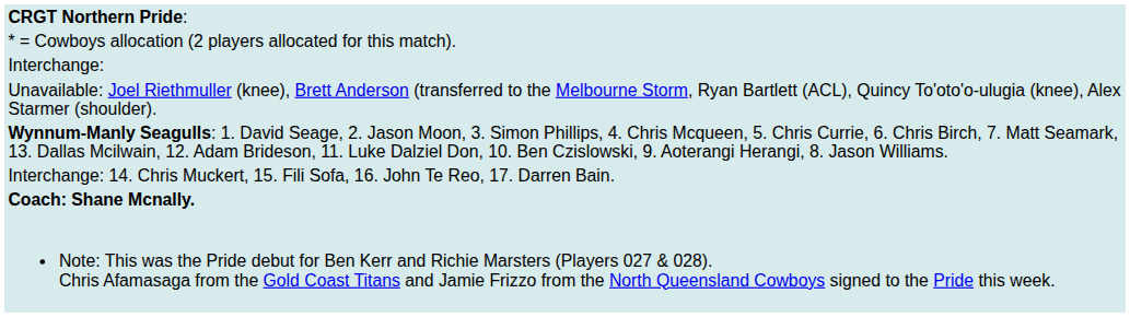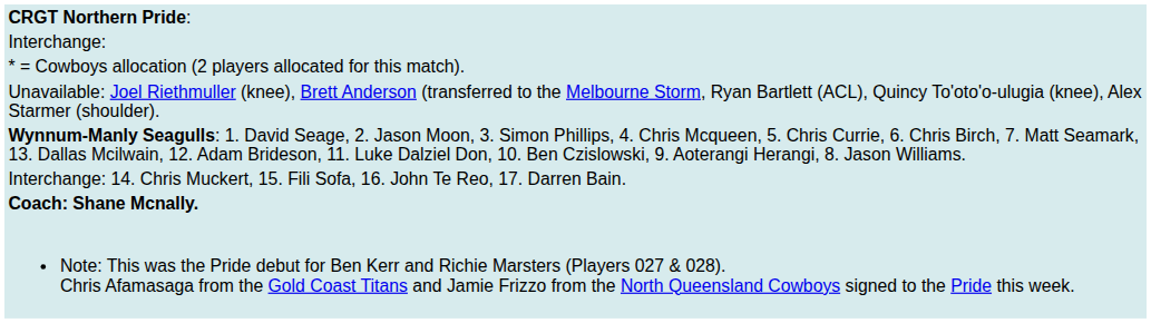 <table style="background:#d7ebed; font-size:85%; width:100%;">
 <tr>
 <td><strong>CRGT Northern Pride</strong>:             </td>
 </tr>
 <tr>
-<td>* = Cowboys allocation (2 players allocated for this match).</td>
+<td>Interchange:    </td>
 </tr>
 <tr>
-<td>Interchange:    </td>
+<td>* = Cowboys allocation (2 players allocated for this match).</td>
 </tr>
 <tr>
 <td>Unavailable: <a href='#'>Joel Riethmuller</a> (knee), <a href='#'>Brett Anderson</a> (transferred to the <a href='#'>Melbourne Storm</a>, Ryan Bartlett (ACL), Quincy To'oto'o-ulugia (knee), Alex Starmer (shoulder).</td>
 </tr>
 <tr>
 <td><strong>Wynnum-Manly Seagulls</strong>: 1. David Seage, 2. Jason Moon, 3. Simon Phillips, 4. Chris Mcqueen, 5. Chris Currie, 6. Chris Birch, 7. Matt Seamark, 13. Dallas Mcilwain, 12. Adam Brideson, 11. Luke Dalziel Don, 10. Ben Czislowski, 9. Aoterangi Herangi, 8. Jason Williams.</td>
 </tr>
 <tr>
 <td>Interchange: 14. Chris Muckert, 15. Fili Sofa, 16. John Te Reo, 17. Darren Bain.</td>
 </tr>
 <tr>
 <td><strong>Coach: Shane Mcnally.</strong></td>
 </tr>
 <tr>
 <td><br><ul><li>Note: This was the Pride debut for Ben Kerr and Richie Marsters (Players 027 & 028).<br>Chris Afamasaga from the <a href='#'>Gold Coast Titans</a> and Jamie Frizzo from the <a href='#'>North Queensland Cowboys</a> signed to the <a href='#'>Pride</a> this week.</li></ul></td>
 </tr>
 <tr>
 </tr>
 </table>
